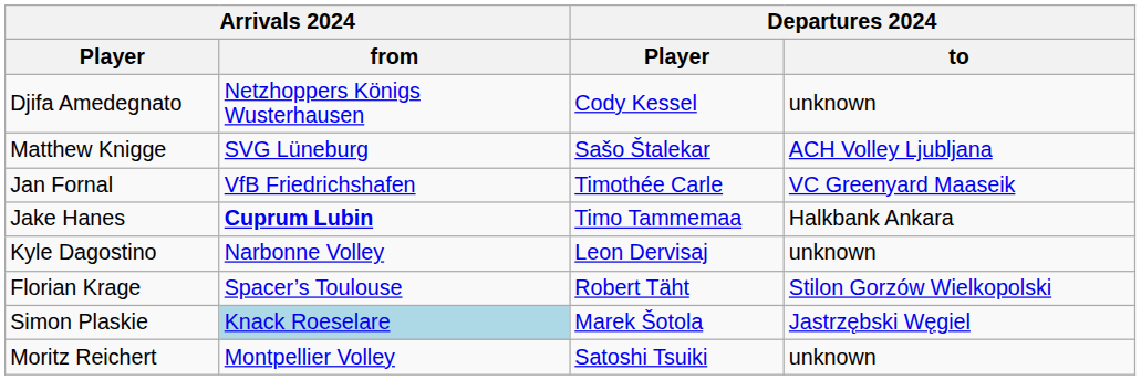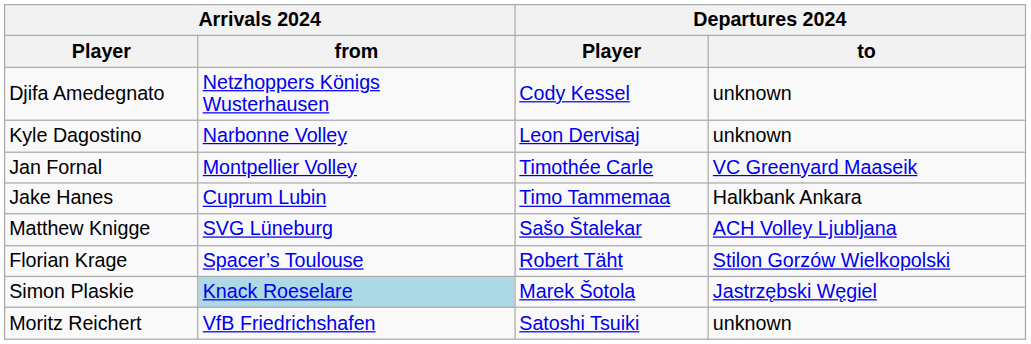 <table class="wikitable">
 <tr align="center">
 <th colspan="2" bgcolor="lavender">Arrivals 2024</th>
 <th colspan="2" bgcolor="lavender">Departures 2024</th>
 </tr>
 <tr>
 <th style="width:150px;">Player</th>
 <th style="width:250px;">from</th>
 <th style="width:150px;">Player</th>
 <th style="width:250px;">to</th>
 </tr>
 <tr>
 <td>Djifa Amedegnato</td>
 <td><a href='#'>Netzhoppers Königs Wusterhausen</a></td>
 <td><a href='#'>Cody Kessel</a></td>
 <td>unknown</td>
 </tr>
 <tr>
-<td>Matthew Knigge</td>
-<td><a href='#'>SVG Lüneburg</a></td>
-<td><a href='#'>Sašo Štalekar</a></td>
-<td><a href='#'>ACH Volley Ljubljana</a></td>
+<td>Kyle Dagostino</td>
+<td><a href='#'>Narbonne Volley</a></td>
+<td><a href='#'>Leon Dervisaj</a></td>
+<td>unknown</td>
 </tr>
 <tr>
 <td>Jan Fornal</td>
-<td><a href='#'>VfB Friedrichshafen</a></td>
+<td><a href='#'>Montpellier Volley</a></td>
 <td><a href='#'>Timothée Carle</a></td>
 <td><a href='#'>VC Greenyard Maaseik</a></td>
 </tr>
 <tr>
 <td>Jake Hanes</td>
-<td><strong><a href='#'>Cuprum Lubin</a></strong></td>
+<td><a href='#'>Cuprum Lubin</a></td>
 <td><a href='#'>Timo Tammemaa</a></td>
 <td>Halkbank Ankara</td>
 </tr>
 <tr>
-<td>Kyle Dagostino</td>
-<td><a href='#'>Narbonne Volley</a></td>
-<td><a href='#'>Leon Dervisaj</a></td>
-<td>unknown</td>
+<td>Matthew Knigge</td>
+<td><a href='#'>SVG Lüneburg</a></td>
+<td><a href='#'>Sašo Štalekar</a></td>
+<td><a href='#'>ACH Volley Ljubljana</a></td>
 </tr>
 <tr>
 <td>Florian Krage</td>
 <td><a href='#'>Spacer’s Toulouse</a></td>
 <td><a href='#'>Robert Täht</a></td>
 <td><a href='#'>Stilon Gorzów Wielkopolski</a></td>
 </tr>
 <tr>
 <td>Simon Plaskie</td>
 <td style="background: lightblue;"><a href='#'>Knack Roeselare</a></td>
 <td><a href='#'>Marek Šotola</a></td>
 <td><a href='#'>Jastrzębski Węgiel</a></td>
 </tr>
 <tr>
 <td>Moritz Reichert</td>
-<td><a href='#'>Montpellier Volley</a></td>
+<td><a href='#'>VfB Friedrichshafen</a></td>
 <td><a href='#'>Satoshi Tsuiki</a></td>
 <td>unknown</td>
 </tr>
 </table>
